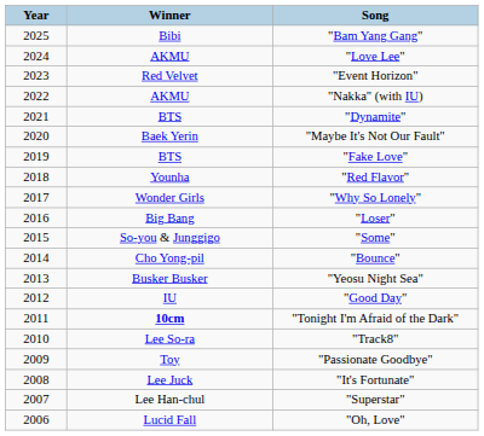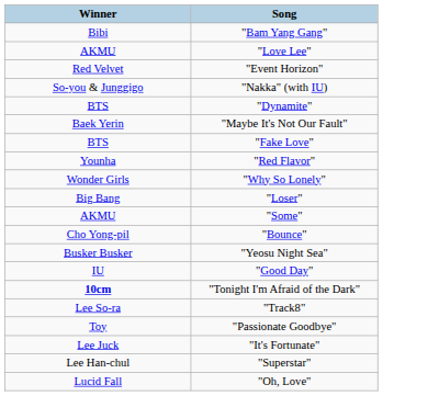 <table class="wikitable" style="text-align: center">
 <tr>
-<th width="70" style="background:#b3d1e3;">Year</th>
 <th width="250" style="background:#b3d1e3;">Winner</th>
 <th width="250" style="background:#b3d1e3;">Song</th>
 </tr>
 <tr>
-<td>2025</td>
 <td><a href='#'>Bibi</a></td>
 <td>"<a href='#'>Bam Yang Gang</a>"</td>
 </tr>
 <tr>
-<td>2024</td>
 <td><a href='#'>AKMU</a></td>
 <td>"<a href='#'>Love Lee</a>"</td>
 </tr>
 <tr>
-<td>2023</td>
 <td><a href='#'>Red Velvet</a></td>
 <td>"Event Horizon"</td>
 </tr>
 <tr>
-<td>2022</td>
-<td><a href='#'>AKMU</a></td>
+<td><a href='#'>So-you</a> & <a href='#'>Junggigo</a></td>
 <td>"Nakka" (with <a href='#'>IU</a>)</td>
 </tr>
 <tr>
-<td>2021</td>
 <td><a href='#'>BTS</a></td>
 <td>"<a href='#'>Dynamite</a>"</td>
 </tr>
 <tr>
-<td>2020</td>
 <td><a href='#'>Baek Yerin</a></td>
 <td>"Maybe It's Not Our Fault"</td>
 </tr>
 <tr>
-<td>2019</td>
 <td><a href='#'>BTS</a></td>
 <td>"<a href='#'>Fake Love</a>"</td>
 </tr>
 <tr>
-<td>2018</td>
 <td><a href='#'>Younha</a></td>
 <td>"<a href='#'>Red Flavor</a>"</td>
 </tr>
 <tr>
-<td>2017</td>
 <td><a href='#'>Wonder Girls</a></td>
 <td>"<a href='#'>Why So Lonely</a>"</td>
 </tr>
 <tr>
-<td>2016</td>
 <td><a href='#'>Big Bang</a></td>
 <td>"<a href='#'>Loser</a>"</td>
 </tr>
 <tr>
-<td>2015</td>
-<td><a href='#'>So-you</a> & <a href='#'>Junggigo</a></td>
+<td><a href='#'>AKMU</a></td>
 <td>"<a href='#'>Some</a>"</td>
 </tr>
 <tr>
-<td>2014</td>
 <td><a href='#'>Cho Yong-pil</a></td>
 <td>"<a href='#'>Bounce</a>"</td>
 </tr>
 <tr>
-<td>2013</td>
 <td><a href='#'>Busker Busker</a></td>
 <td>"Yeosu Night Sea"</td>
 </tr>
 <tr>
-<td>2012</td>
 <td><a href='#'>IU</a></td>
 <td>"<a href='#'>Good Day</a>"</td>
 </tr>
 <tr>
-<td>2011</td>
 <td><strong><a href='#'>10cm</a></strong></td>
 <td>"Tonight I'm Afraid of the Dark"</td>
 </tr>
 <tr>
-<td>2010</td>
 <td><a href='#'>Lee So-ra</a></td>
 <td>"Track8"</td>
 </tr>
 <tr>
-<td>2009</td>
 <td><a href='#'>Toy</a></td>
 <td>"Passionate Goodbye"</td>
 </tr>
 <tr>
-<td>2008</td>
 <td><a href='#'>Lee Juck</a></td>
 <td>"It's Fortunate"</td>
 </tr>
 <tr>
-<td>2007</td>
 <td>Lee Han-chul</td>
 <td>"Superstar"</td>
 </tr>
 <tr>
-<td>2006</td>
 <td><a href='#'>Lucid Fall</a></td>
 <td>"Oh, Love"</td>
 </tr>
 </table>
